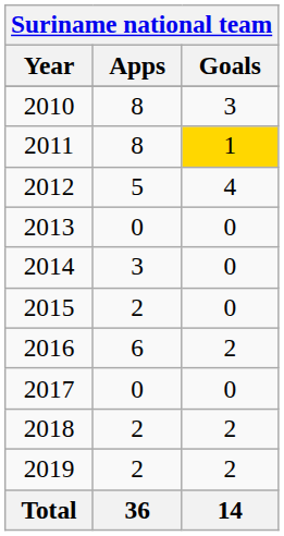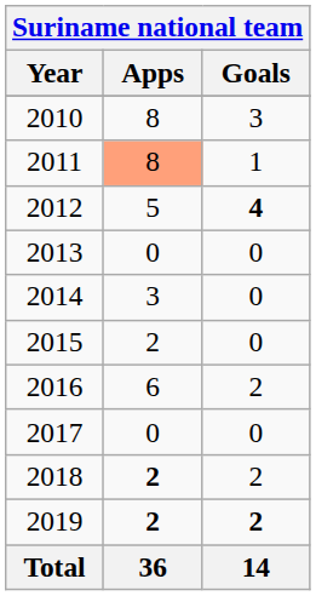 <table class="wikitable" style="text-align:center">
 <tr>
 <th colspan=3><a href='#'>Suriname national team</a></th>
 </tr>
 <tr>
 <th>Year</th>
 <th>Apps</th>
 <th>Goals</th>
 </tr>
 <tr>
 </tr>
 <tr>
 <td>2010</td>
 <td>8</td>
 <td>3</td>
 </tr>
 <tr>
 <td>2011</td>
-<td>8</td>
-<td style="background: gold;">1</td>
+<td style="background: lightsalmon;">8</td>
+<td>1</td>
 </tr>
 <tr>
 <td>2012</td>
 <td>5</td>
-<td>4</td>
+<td><strong>4</strong></td>
 </tr>
 <tr>
 <td>2013</td>
 <td>0</td>
 <td>0</td>
 </tr>
 <tr>
 <td>2014</td>
 <td>3</td>
 <td>0</td>
 </tr>
 <tr>
 <td>2015</td>
 <td>2</td>
 <td>0</td>
 </tr>
 <tr>
 <td>2016</td>
 <td>6</td>
 <td>2</td>
 </tr>
 <tr>
 <td>2017</td>
 <td>0</td>
 <td>0</td>
 </tr>
 <tr>
 <td>2018</td>
-<td>2</td>
+<td><strong>2</strong></td>
 <td>2</td>
 </tr>
 <tr>
 <td>2019</td>
-<td>2</td>
-<td>2</td>
+<td><strong>2</strong></td>
+<td><strong>2</strong></td>
 </tr>
 <tr>
 <th>Total</th>
 <th>36</th>
 <th>14</th>
 </tr>
 </table>
